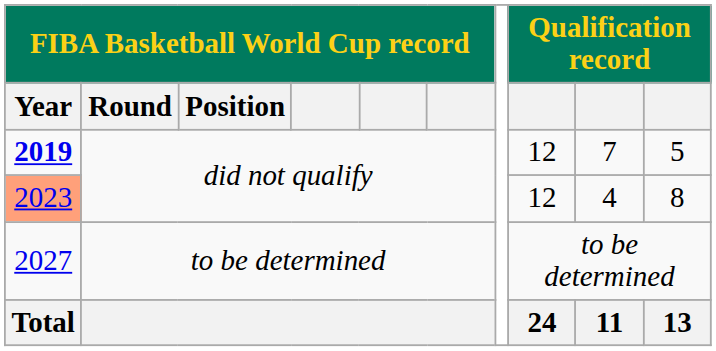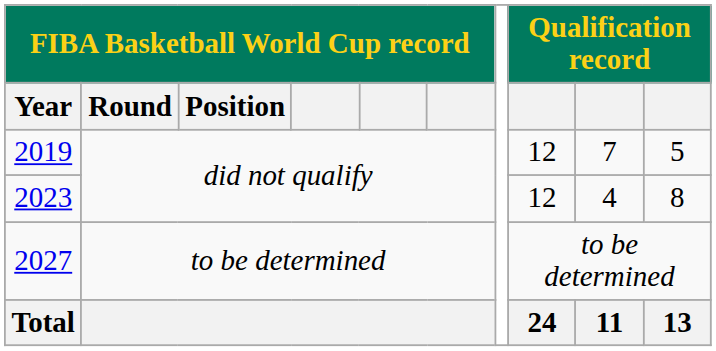 <table class="wikitable" style="text-align:center;">
 <tr>
 <th colspan="6" style="color:#FCD116; background:#007A5E;">FIBA Basketball World Cup record</th>
 <th rowspan="6" style="background:white"></th>
 <th colspan="3" style="color:#FCD116; background:#007A5E;">Qualification record</th>
 </tr>
 <tr>
 <th>Year</th>
 <th>Round</th>
 <th>Position</th>
 <th width="30"></th>
 <th width="30"></th>
 <th width="30"></th>
 <th width="30"></th>
 <th width="30"></th>
 <th width="30"></th>
 </tr>
 <tr>
-<td><strong> <a href='#'>2019</a></strong></td>
+<td> <a href='#'>2019</a></td>
 <td colspan="5" rowspan="2"><em>did not qualify</em></td>
 <td>12</td>
 <td>7</td>
 <td>5</td>
 </tr>
 <tr>
-<td style="background: lightsalmon;">  <a href='#'>2023</a></td>
+<td>  <a href='#'>2023</a></td>
 <td>12</td>
 <td>4</td>
 <td>8</td>
 </tr>
 <tr>
 <td> <a href='#'>2027</a></td>
 <td colspan="5"><em>to be determined</em></td>
 <td colspan="3"><em>to be determined</em></td>
 </tr>
 <tr>
 <th>Total</th>
 <th colspan="5"></th>
 <th>24</th>
 <th>11</th>
 <th>13</th>
 </tr>
 </table>
